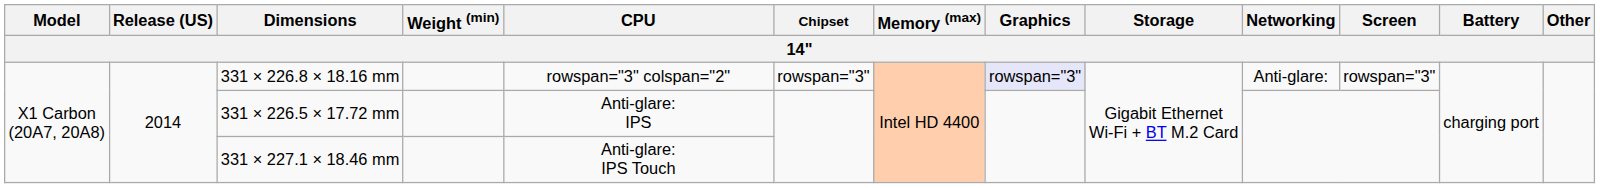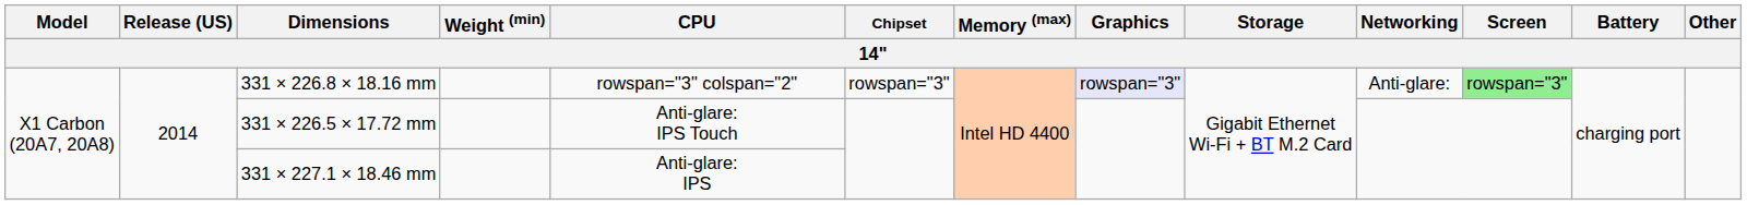 <table class="wikitable" style="font-size: 80%; text-align: center; min-width: 80%;">
 <tr>
 <th>Model</th>
 <th>Release (US)</th>
 <th>Dimensions</th>
 <th>Weight <sup>(min)</sup></th>
 <th style="width:17%">CPU</th>
 <th><small>Chipset</small></th>
 <th>Memory <sup>(max)</sup></th>
 <th>Graphics</th>
 <th>Storage</th>
 <th>Networking</th>
 <th>Screen</th>
 <th>Battery</th>
 <th>Other</th>
 </tr>
 <tr>
 <th colspan=13>14"</th>
 </tr>
 <tr>
 <td rowspan="3">X1 Carbon <br>(20A7, 20A8)</td>
 <td rowspan="3">2014</td>
 <td>331 × 226.8 × 18.16 mm</td>
 <td></td>
 <td>rowspan="3" colspan="2" </td>
 <td>rowspan="3" </td>
 <td rowspan="3" style="background:#ffcead;">Intel HD 4400</td>
 <td style="background: lavender;">rowspan="3" </td>
 <td rowspan="3"> Gigabit Ethernet<br>Wi-Fi + <a href='#'>BT</a> M.2 Card<br><small></small></td>
 <td style="background:">Anti-glare: <br></td>
-<td>rowspan="3" </td>
+<td style="background: lightgreen;">rowspan="3" </td>
 <td rowspan="3"> charging port</td>
 </tr>
 <tr>
 <td>331 × 226.5 × 17.72 mm</td>
 <td></td>
-<td style="background:">Anti-glare: <br> IPS</td>
+<td style="background:">Anti-glare: <br> IPS Touch</td>
 </tr>
 <tr>
 <td>331 × 227.1 × 18.46 mm</td>
 <td></td>
-<td style="background:">Anti-glare: <br> IPS Touch</td>
+<td style="background:">Anti-glare: <br> IPS</td>
 </tr>
 </table>
